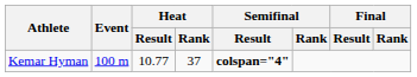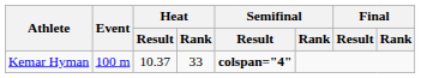 <table class="wikitable" style="font-size:90%">
 <tr>
 <th rowspan="2">Athlete</th>
 <th rowspan="2">Event</th>
 <th colspan="2">Heat</th>
 <th colspan="2">Semifinal</th>
 <th colspan="2">Final</th>
 </tr>
 <tr>
 <th>Result</th>
 <th>Rank</th>
 <th>Result</th>
 <th>Rank</th>
 <th>Result</th>
 <th>Rank</th>
 </tr>
 <tr style=text-align:center>
 <td style=text-align:left><a href='#'>Kemar Hyman</a></td>
 <td style=text-align:left><a href='#'>100 m</a></td>
-<td>10.77</td>
-<td>37</td>
+<td>10.37</td>
+<td>33</td>
 <td><strong>colspan="4" </strong></td>
 </tr>
 </table>
